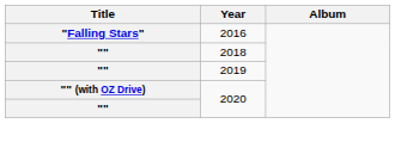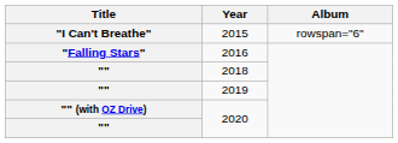 <table class="wikitable plainrowheaders" style="text-align:center;">
 <tr>
 <th scope="col" style="width:16em;">Title</th>
 <th scope="col" style="width:5em;">Year</th>
 <th scope="col" style="width:10em;">Album</th>
+</tr>
+<tr>
+<th scope="row">"I Can't Breathe"</th>
+<td>2015</td>
+<td>rowspan="6" </td>
 </tr>
 <tr>
 <th scope="row">"<a href='#'>Falling Stars</a>"</th>
 <td>2016</td>
 </tr>
 <tr>
 <th scope="row">""</th>
 <td>2018</td>
 </tr>
 <tr>
 <th scope="row">""</th>
 <td>2019</td>
 </tr>
 <tr>
 <th scope="row">"" <small>(with <a href='#'>OZ Drive</a>)</small></th>
 <td rowspan="2">2020</td>
 </tr>
 <tr>
 <th scope="row">""</th>
 </tr>
 </table>
